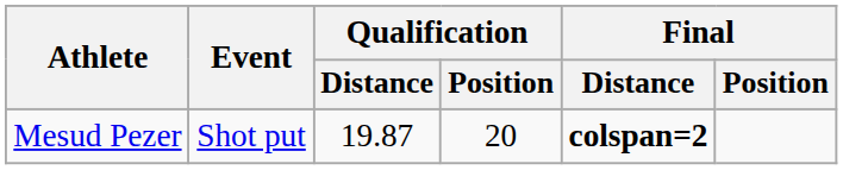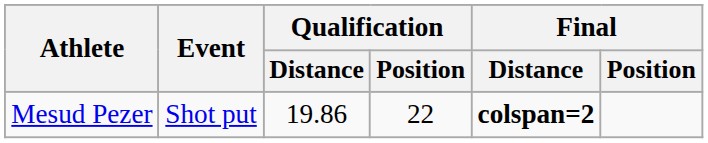 <table class=wikitable style=font-size:90%>
 <tr>
 <th rowspan=2>Athlete</th>
 <th rowspan=2>Event</th>
 <th colspan=2>Qualification</th>
 <th colspan=2>Final</th>
 </tr>
 <tr style=font-size:95%>
 <th>Distance</th>
 <th>Position</th>
 <th>Distance</th>
 <th>Position</th>
 </tr>
 <tr align=center>
 <td align=left><a href='#'>Mesud Pezer</a></td>
 <td align=left><a href='#'>Shot put</a></td>
-<td>19.87</td>
-<td>20</td>
+<td>19.86</td>
+<td>22</td>
 <td><strong>colspan=2 </strong></td>
 </tr>
 </table>
